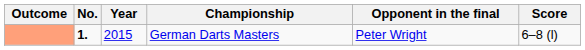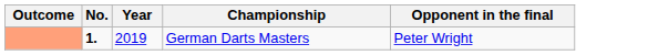 <table class=" sortable wikitable">
 <tr>
 <th style="width:80px;">Outcome</th>
 <th style="width:20px;">No.</th>
 <th style="width:50px;">Year</th>
 <th style="width:250px;">Championship</th>
 <th style="width:200px;">Opponent in the final</th>
-<th style="width:70px;">Score</th>
 </tr>
 <tr style=>
 <td style="background:#ffa07a"></td>
 <td><strong>1.</strong></td>
-<td><a href='#'>2015</a></td>
+<td><a href='#'>2019</a></td>
 <td><a href='#'>German Darts Masters</a></td>
 <td> <a href='#'>Peter Wright</a></td>
-<td>6–8 (l)</td>
 </tr>
 </table>
